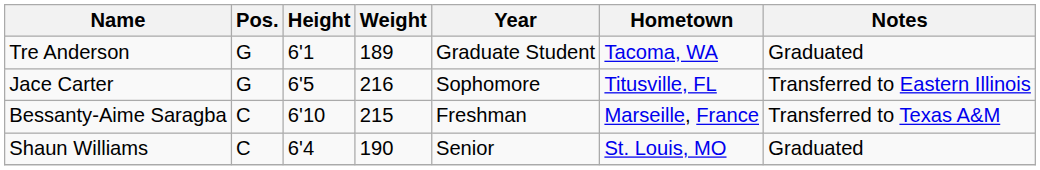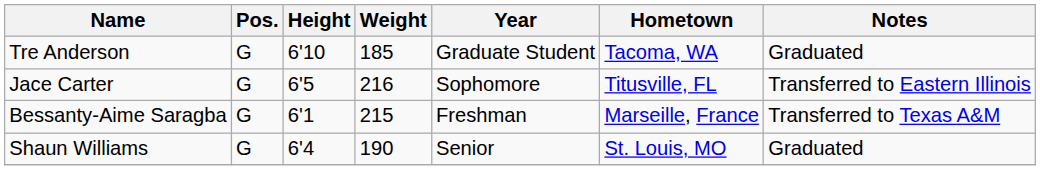 <table class="wikitable sortable" border="1">
 <tr align=center>
 <th>Name</th>
 <th>Pos.</th>
 <th>Height</th>
 <th>Weight</th>
 <th>Year</th>
 <th>Hometown</th>
 <th>Notes</th>
 </tr>
 <tr>
 <td>Tre Anderson</td>
 <td>G</td>
-<td>6'1</td>
-<td>189</td>
+<td>6'10</td>
+<td>185</td>
 <td>Graduate Student</td>
 <td><a href='#'>Tacoma, WA</a></td>
 <td>Graduated</td>
 </tr>
 <tr>
 <td>Jace Carter</td>
 <td>G</td>
 <td>6'5</td>
 <td>216</td>
 <td>Sophomore</td>
 <td><a href='#'>Titusville, FL</a></td>
 <td>Transferred to <a href='#'>Eastern Illinois</a></td>
 </tr>
 <tr>
 <td>Bessanty-Aime Saragba</td>
-<td>C</td>
-<td>6'10</td>
+<td>G</td>
+<td>6'1</td>
 <td>215</td>
 <td>Freshman</td>
 <td><a href='#'>Marseille</a>, <a href='#'>France</a></td>
 <td>Transferred to <a href='#'>Texas A&M</a></td>
 </tr>
 <tr>
 <td>Shaun Williams</td>
-<td>C</td>
+<td>G</td>
 <td>6'4</td>
 <td>190</td>
 <td>Senior</td>
 <td><a href='#'>St. Louis, MO</a></td>
 <td>Graduated</td>
 </tr>
 <tr>
 </tr>
 </table>
